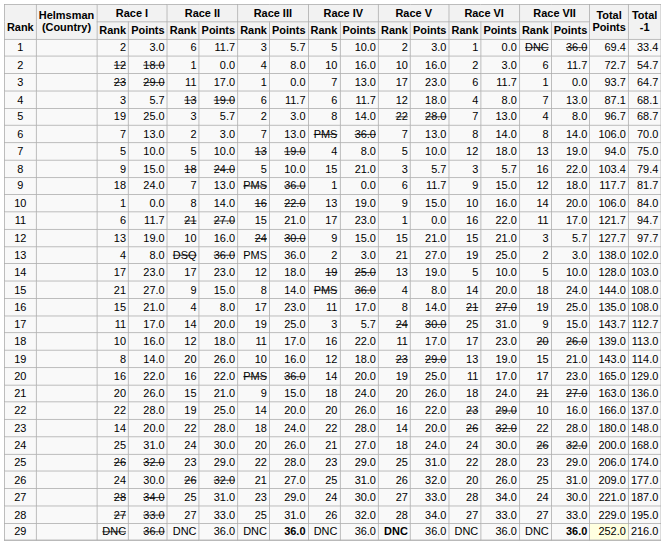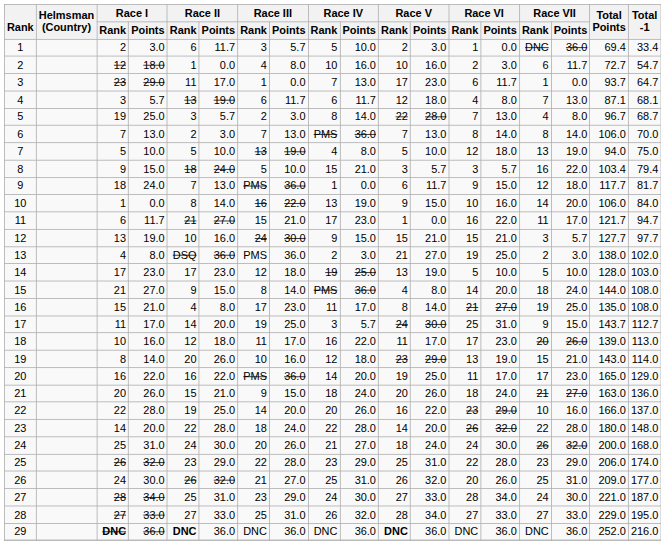 <table class="wikitable" style="text-align:right; font-size:90%">
 <tr>
 <th rowspan="2"><br>Rank</th>
 <th rowspan="2">Helmsman (Country)</th>
 <th colspan="2">Race I</th>
 <th colspan="2">Race II</th>
 <th colspan="2">Race III</th>
 <th colspan="2">Race IV</th>
 <th colspan="2">Race V</th>
 <th colspan="2">Race VI</th>
 <th colspan="2">Race VII</th>
 <th rowspan="2">Total <br>Points <br> </th>
 <th rowspan="2">Total<br>-1<br> </th>
 </tr>
 <tr>
 <th>Rank</th>
 <th>Points</th>
 <th>Rank</th>
 <th>Points</th>
 <th>Rank</th>
 <th>Points</th>
 <th>Rank</th>
 <th>Points</th>
 <th>Rank</th>
 <th>Points</th>
 <th>Rank</th>
 <th>Points</th>
 <th>Rank</th>
 <th>Points</th>
 </tr>
 <tr style="vertical-align:top;">
 <td align=center>1</td>
 <td align=left></td>
 <td>2</td>
 <td>3.0</td>
 <td>6</td>
 <td>11.7</td>
 <td>3</td>
 <td>5.7</td>
 <td>5</td>
 <td>10.0</td>
 <td>2</td>
 <td>3.0</td>
 <td>1</td>
 <td>0.0</td>
 <td><s>DNC</s></td>
 <td><s>36.0</s></td>
 <td>69.4</td>
 <td>33.4</td>
 </tr>
 <tr>
 <td align=center>2</td>
 <td align=left></td>
 <td><s>12</s></td>
 <td><s>18.0</s></td>
 <td>1</td>
 <td>0.0</td>
 <td>4</td>
 <td>8.0</td>
 <td>10</td>
 <td>16.0</td>
 <td>10</td>
 <td>16.0</td>
 <td>2</td>
 <td>3.0</td>
 <td>6</td>
 <td>11.7</td>
 <td>72.7</td>
 <td>54.7</td>
 </tr>
 <tr>
 <td align=center>3</td>
 <td align=left></td>
 <td><s>23</s></td>
 <td><s>29.0</s></td>
 <td>11</td>
 <td>17.0</td>
 <td>1</td>
 <td>0.0</td>
 <td>7</td>
 <td>13.0</td>
 <td>17</td>
 <td>23.0</td>
 <td>6</td>
 <td>11.7</td>
 <td>1</td>
 <td>0.0</td>
 <td>93.7</td>
 <td>64.7</td>
 </tr>
 <tr>
 <td align=center>4</td>
 <td align=left></td>
 <td>3</td>
 <td>5.7</td>
 <td><s>13</s></td>
 <td><s>19.0</s></td>
 <td>6</td>
 <td>11.7</td>
 <td>6</td>
 <td>11.7</td>
 <td>12</td>
 <td>18.0</td>
 <td>4</td>
 <td>8.0</td>
 <td>7</td>
 <td>13.0</td>
 <td>87.1</td>
 <td>68.1</td>
 </tr>
 <tr>
 <td align=center>5</td>
 <td align=left></td>
 <td>19</td>
 <td>25.0</td>
 <td>3</td>
 <td>5.7</td>
 <td>2</td>
 <td>3.0</td>
 <td>8</td>
 <td>14.0</td>
 <td><s>22</s></td>
 <td><s>28.0</s></td>
 <td>7</td>
 <td>13.0</td>
 <td>4</td>
 <td>8.0</td>
 <td>96.7</td>
 <td>68.7</td>
 </tr>
 <tr>
 <td align=center>6</td>
 <td align=left></td>
 <td>7</td>
 <td>13.0</td>
 <td>2</td>
 <td>3.0</td>
 <td>7</td>
 <td>13.0</td>
 <td><s>PMS</s></td>
 <td><s>36.0</s></td>
 <td>7</td>
 <td>13.0</td>
 <td>8</td>
 <td>14.0</td>
 <td>8</td>
 <td>14.0</td>
 <td>106.0</td>
 <td>70.0</td>
 </tr>
 <tr>
 <td align=center>7</td>
 <td align=left></td>
 <td>5</td>
 <td>10.0</td>
 <td>5</td>
 <td>10.0</td>
 <td><s>13</s></td>
 <td><s>19.0</s></td>
 <td>4</td>
 <td>8.0</td>
 <td>5</td>
 <td>10.0</td>
 <td>12</td>
 <td>18.0</td>
 <td>13</td>
 <td>19.0</td>
 <td>94.0</td>
 <td>75.0</td>
 </tr>
 <tr>
 <td align=center>8</td>
 <td align=left></td>
 <td>9</td>
 <td>15.0</td>
 <td><s>18</s></td>
 <td><s>24.0</s></td>
 <td>5</td>
 <td>10.0</td>
 <td>15</td>
 <td>21.0</td>
 <td>3</td>
 <td>5.7</td>
 <td>3</td>
 <td>5.7</td>
 <td>16</td>
 <td>22.0</td>
 <td>103.4</td>
 <td>79.4</td>
 </tr>
 <tr>
 <td align=center>9</td>
 <td align=left></td>
 <td>18</td>
 <td>24.0</td>
 <td>7</td>
 <td>13.0</td>
 <td><s>PMS</s></td>
 <td><s>36.0</s></td>
 <td>1</td>
 <td>0.0</td>
 <td>6</td>
 <td>11.7</td>
 <td>9</td>
 <td>15.0</td>
 <td>12</td>
 <td>18.0</td>
 <td>117.7</td>
 <td>81.7</td>
 </tr>
 <tr>
 <td align=center>10</td>
 <td align=left></td>
 <td>1</td>
 <td>0.0</td>
 <td>8</td>
 <td>14.0</td>
 <td><s>16</s></td>
 <td><s>22.0</s></td>
 <td>13</td>
 <td>19.0</td>
 <td>9</td>
 <td>15.0</td>
 <td>10</td>
 <td>16.0</td>
 <td>14</td>
 <td>20.0</td>
 <td>106.0</td>
 <td>84.0</td>
 </tr>
 <tr>
 <td align=center>11</td>
 <td align=left></td>
 <td>6</td>
 <td>11.7</td>
 <td><s>21</s></td>
 <td><s>27.0</s></td>
 <td>15</td>
 <td>21.0</td>
 <td>17</td>
 <td>23.0</td>
 <td>1</td>
 <td>0.0</td>
 <td>16</td>
 <td>22.0</td>
 <td>11</td>
 <td>17.0</td>
 <td>121.7</td>
 <td>94.7</td>
 </tr>
 <tr>
 <td align=center>12</td>
 <td align=left></td>
 <td>13</td>
 <td>19.0</td>
 <td>10</td>
 <td>16.0</td>
 <td><s>24</s></td>
 <td><s>30.0</s></td>
 <td>9</td>
 <td>15.0</td>
 <td>15</td>
 <td>21.0</td>
 <td>15</td>
 <td>21.0</td>
 <td>3</td>
 <td>5.7</td>
 <td>127.7</td>
 <td>97.7</td>
 </tr>
 <tr>
 <td align=center>13</td>
 <td align=left></td>
 <td>4</td>
 <td>8.0</td>
 <td><s>DSQ</s></td>
 <td><s>36.0</s></td>
 <td>PMS</td>
 <td>36.0</td>
 <td>2</td>
 <td>3.0</td>
 <td>21</td>
 <td>27.0</td>
 <td>19</td>
 <td>25.0</td>
 <td>2</td>
 <td>3.0</td>
 <td>138.0</td>
 <td>102.0</td>
 </tr>
 <tr>
 <td align=center>14</td>
 <td align=left></td>
 <td>17</td>
 <td>23.0</td>
 <td>17</td>
 <td>23.0</td>
 <td>12</td>
 <td>18.0</td>
 <td><s>19</s></td>
 <td><s>25.0</s></td>
 <td>13</td>
 <td>19.0</td>
 <td>5</td>
 <td>10.0</td>
 <td>5</td>
 <td>10.0</td>
 <td>128.0</td>
 <td>103.0</td>
 </tr>
 <tr>
 <td align=center>15</td>
 <td align=left></td>
 <td>21</td>
 <td>27.0</td>
 <td>9</td>
 <td>15.0</td>
 <td>8</td>
 <td>14.0</td>
 <td><s>PMS</s></td>
 <td><s>36.0</s></td>
 <td>4</td>
 <td>8.0</td>
 <td>14</td>
 <td>20.0</td>
 <td>18</td>
 <td>24.0</td>
 <td>144.0</td>
 <td>108.0</td>
 </tr>
 <tr>
 <td align=center>16</td>
 <td align=left></td>
 <td>15</td>
 <td>21.0</td>
 <td>4</td>
 <td>8.0</td>
 <td>17</td>
 <td>23.0</td>
 <td>11</td>
 <td>17.0</td>
 <td>8</td>
 <td>14.0</td>
 <td><s>21</s></td>
 <td><s>27.0</s></td>
 <td>19</td>
 <td>25.0</td>
 <td>135.0</td>
 <td>108.0</td>
 </tr>
 <tr>
 <td align=center>17</td>
 <td align=left></td>
 <td>11</td>
 <td>17.0</td>
 <td>14</td>
 <td>20.0</td>
 <td>19</td>
 <td>25.0</td>
 <td>3</td>
 <td>5.7</td>
 <td><s>24</s></td>
 <td><s>30.0</s></td>
 <td>25</td>
 <td>31.0</td>
 <td>9</td>
 <td>15.0</td>
 <td>143.7</td>
 <td>112.7</td>
 </tr>
 <tr>
 <td align=center>18</td>
 <td align=left></td>
 <td>10</td>
 <td>16.0</td>
 <td>12</td>
 <td>18.0</td>
 <td>11</td>
 <td>17.0</td>
 <td>16</td>
 <td>22.0</td>
 <td>11</td>
 <td>17.0</td>
 <td>17</td>
 <td>23.0</td>
 <td><s>20</s></td>
 <td><s>26.0</s></td>
 <td>139.0</td>
 <td>113.0</td>
 </tr>
 <tr>
 <td align=center>19</td>
 <td align=left></td>
 <td>8</td>
 <td>14.0</td>
 <td>20</td>
 <td>26.0</td>
 <td>10</td>
 <td>16.0</td>
 <td>12</td>
 <td>18.0</td>
 <td><s>23</s></td>
 <td><s>29.0</s></td>
 <td>13</td>
 <td>19.0</td>
 <td>15</td>
 <td>21.0</td>
 <td>143.0</td>
 <td>114.0</td>
 </tr>
 <tr>
 <td align=center>20</td>
 <td align=left></td>
 <td>16</td>
 <td>22.0</td>
 <td>16</td>
 <td>22.0</td>
 <td><s>PMS</s></td>
 <td><s>36.0</s></td>
 <td>14</td>
 <td>20.0</td>
 <td>19</td>
 <td>25.0</td>
 <td>11</td>
 <td>17.0</td>
 <td>17</td>
 <td>23.0</td>
 <td>165.0</td>
 <td>129.0</td>
 </tr>
 <tr>
 <td align=center>21</td>
 <td align=left></td>
 <td>20</td>
 <td>26.0</td>
 <td>15</td>
 <td>21.0</td>
 <td>9</td>
 <td>15.0</td>
 <td>18</td>
 <td>24.0</td>
 <td>20</td>
 <td>26.0</td>
 <td>18</td>
 <td>24.0</td>
 <td><s>21</s></td>
 <td><s>27.0</s></td>
 <td>163.0</td>
 <td>136.0</td>
 </tr>
 <tr>
 <td align=center>22</td>
 <td align=left></td>
 <td>22</td>
 <td>28.0</td>
 <td>19</td>
 <td>25.0</td>
 <td>14</td>
 <td>20.0</td>
 <td>20</td>
 <td>26.0</td>
 <td>16</td>
 <td>22.0</td>
 <td><s>23</s></td>
 <td><s>29.0</s></td>
 <td>10</td>
 <td>16.0</td>
 <td>166.0</td>
 <td>137.0</td>
 </tr>
 <tr>
 <td align=center>23</td>
 <td align=left></td>
 <td>14</td>
 <td>20.0</td>
 <td>22</td>
 <td>28.0</td>
 <td>18</td>
 <td>24.0</td>
 <td>22</td>
 <td>28.0</td>
 <td>14</td>
 <td>20.0</td>
 <td><s>26</s></td>
 <td><s>32.0</s></td>
 <td>22</td>
 <td>28.0</td>
 <td>180.0</td>
 <td>148.0</td>
 </tr>
 <tr>
 <td align=center>24</td>
 <td align=left></td>
 <td>25</td>
 <td>31.0</td>
 <td>24</td>
 <td>30.0</td>
 <td>20</td>
 <td>26.0</td>
 <td>21</td>
 <td>27.0</td>
 <td>18</td>
 <td>24.0</td>
 <td>24</td>
 <td>30.0</td>
 <td><s>26</s></td>
 <td><s>32.0</s></td>
 <td>200.0</td>
 <td>168.0</td>
 </tr>
 <tr>
 <td align=center>25</td>
 <td align=left></td>
 <td><s>26</s></td>
 <td><s>32.0</s></td>
 <td>23</td>
 <td>29.0</td>
 <td>22</td>
 <td>28.0</td>
 <td>23</td>
 <td>29.0</td>
 <td>25</td>
 <td>31.0</td>
 <td>22</td>
 <td>28.0</td>
 <td>23</td>
 <td>29.0</td>
 <td>206.0</td>
 <td>174.0</td>
 </tr>
 <tr>
 <td align=center>26</td>
 <td align=left></td>
 <td>24</td>
 <td>30.0</td>
 <td><s>26</s></td>
 <td><s>32.0</s></td>
 <td>21</td>
 <td>27.0</td>
 <td>25</td>
 <td>31.0</td>
 <td>26</td>
 <td>32.0</td>
 <td>20</td>
 <td>26.0</td>
 <td>25</td>
 <td>31.0</td>
 <td>209.0</td>
 <td>177.0</td>
 </tr>
 <tr>
 <td align=center>27</td>
 <td align=left></td>
 <td><s>28</s></td>
 <td><s>34.0</s></td>
 <td>25</td>
 <td>31.0</td>
 <td>23</td>
 <td>29.0</td>
 <td>24</td>
 <td>30.0</td>
 <td>27</td>
 <td>33.0</td>
 <td>28</td>
 <td>34.0</td>
 <td>24</td>
 <td>30.0</td>
 <td>221.0</td>
 <td>187.0</td>
 </tr>
 <tr>
 <td align=center>28</td>
 <td align=left></td>
 <td><s>27</s></td>
 <td><s>33.0</s></td>
 <td>27</td>
 <td>33.0</td>
 <td>25</td>
 <td>31.0</td>
 <td>26</td>
 <td>32.0</td>
 <td>28</td>
 <td>34.0</td>
 <td>27</td>
 <td>33.0</td>
 <td>27</td>
 <td>33.0</td>
 <td>229.0</td>
 <td>195.0</td>
 </tr>
 <tr>
 <td align=center>29</td>
 <td align=left></td>
-<td><s>DNC</s></td>
+<td><strong><s>DNC</s></strong></td>
 <td><s>36.0</s></td>
+<td><strong>DNC</strong></td>
+<td>36.0</td>
 <td>DNC</td>
 <td>36.0</td>
-<td>DNC</td>
-<td><strong>36.0</strong></td>
 <td>DNC</td>
 <td>36.0</td>
 <td><strong>DNC</strong></td>
 <td>36.0</td>
 <td>DNC</td>
 <td>36.0</td>
 <td>DNC</td>
-<td><strong>36.0</strong></td>
-<td style="background: lightyellow;">252.0</td>
+<td>36.0</td>
+<td>252.0</td>
 <td>216.0</td>
 </tr>
 <tr>
 </tr>
 </table>
